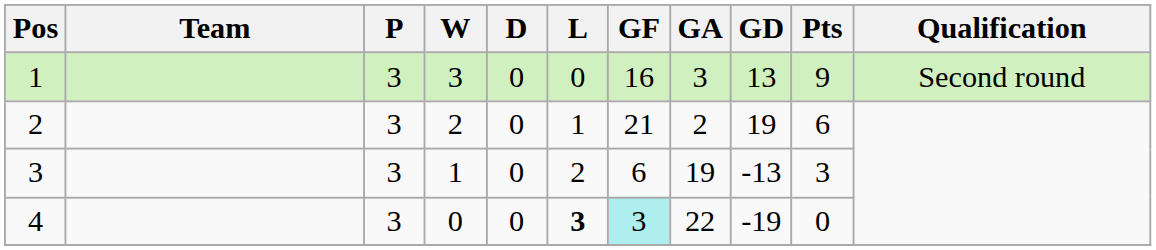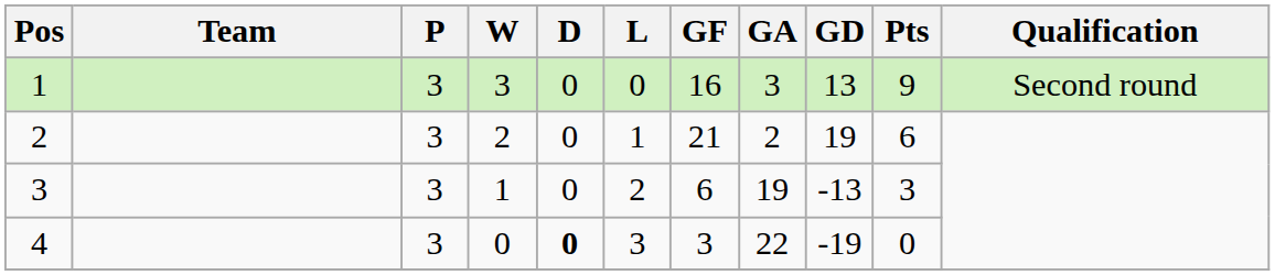 <table class="wikitable" border="1">
 <tr>
 <th width="25"><abbr>Pos</abbr></th>
 <th width="150">Team</th>
 <th width="25">P</th>
 <th width="25">W</th>
 <th width="25">D</th>
 <th width="25">L</th>
 <th width="25"><abbr>GF</abbr></th>
 <th width="25"><abbr>GA</abbr></th>
 <th width="25"><abbr>GD</abbr></th>
 <th width="25"><abbr>Pts</abbr></th>
 <th width="150">Qualification</th>
 </tr>
 <tr bgcolor= #D0F0C0>
 <td align="center">1</td>
 <td></td>
 <td align="center">3</td>
 <td align="center">3</td>
 <td align="center">0</td>
 <td align="center">0</td>
 <td align="center">16</td>
 <td align="center">3</td>
 <td align="center">13</td>
 <td align="center">9</td>
 <td align="center">Second round</td>
 </tr>
 <tr>
 <td align="center">2</td>
 <td></td>
 <td align="center">3</td>
 <td align="center">2</td>
 <td align="center">0</td>
 <td align="center">1</td>
 <td align="center">21</td>
 <td align="center">2</td>
 <td align="center">19</td>
 <td align="center">6</td>
 </tr>
 <tr>
 <td align="center">3</td>
 <td></td>
 <td align="center">3</td>
 <td align="center">1</td>
 <td align="center">0</td>
 <td align="center">2</td>
 <td align="center">6</td>
 <td align="center">19</td>
 <td align="center">-13</td>
 <td align="center">3</td>
 </tr>
 <tr>
 <td align="center">4</td>
 <td></td>
 <td align="center">3</td>
 <td align="center">0</td>
-<td align="center">0</td>
-<td align="center"><strong>3</strong></td>
-<td align="center" style="background: paleturquoise;">3</td>
+<td align="center"><strong>0</strong></td>
+<td align="center">3</td>
+<td align="center">3</td>
 <td align="center">22</td>
 <td align="center">-19</td>
 <td align="center">0</td>
 </tr>
 <tr>
 </tr>
 </table>
